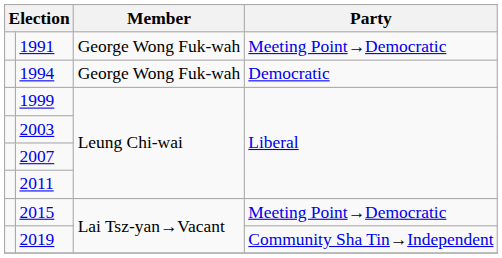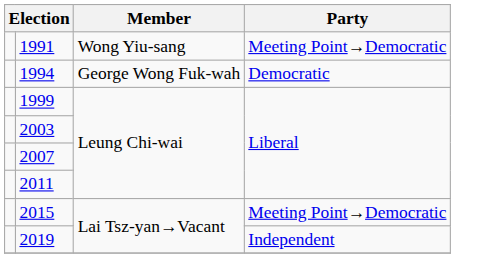 <table class="wikitable">
 <tr>
 <th colspan="2">Election</th>
 <th>Member</th>
 <th>Party</th>
 </tr>
 <tr>
 <td style="background-color: "></td>
 <td><a href='#'>1991</a></td>
-<td>George Wong Fuk-wah</td>
+<td>Wong Yiu-sang</td>
 <td><a href='#'>Meeting Point</a>→<a href='#'>Democratic</a></td>
 </tr>
 <tr>
 <td style="background-color: "></td>
 <td><a href='#'>1994</a></td>
 <td>George Wong Fuk-wah</td>
 <td><a href='#'>Democratic</a></td>
 </tr>
 <tr>
 <td style="background-color: "></td>
 <td><a href='#'>1999</a></td>
 <td rowspan=4>Leung Chi-wai</td>
 <td rowspan=4><a href='#'>Liberal</a></td>
 </tr>
 <tr>
 <td style="background-color: "></td>
 <td><a href='#'>2003</a></td>
 </tr>
 <tr>
 <td style="background-color: "></td>
 <td><a href='#'>2007</a></td>
 </tr>
 <tr>
 <td style="background-color: "></td>
 <td><a href='#'>2011</a></td>
 </tr>
 <tr>
 <td style="background-color: "></td>
 <td><a href='#'>2015</a></td>
 <td rowspan=2>Lai Tsz-yan→Vacant</td>
 <td><a href='#'>Meeting Point</a>→<a href='#'>Democratic</a></td>
 </tr>
 <tr>
 <td style="background-color: "></td>
 <td><a href='#'>2019</a></td>
-<td><a href='#'>Community Sha Tin</a>→<a href='#'>Independent</a></td>
+<td><a href='#'>Independent</a></td>
 </tr>
 <tr>
 </tr>
 </table>
